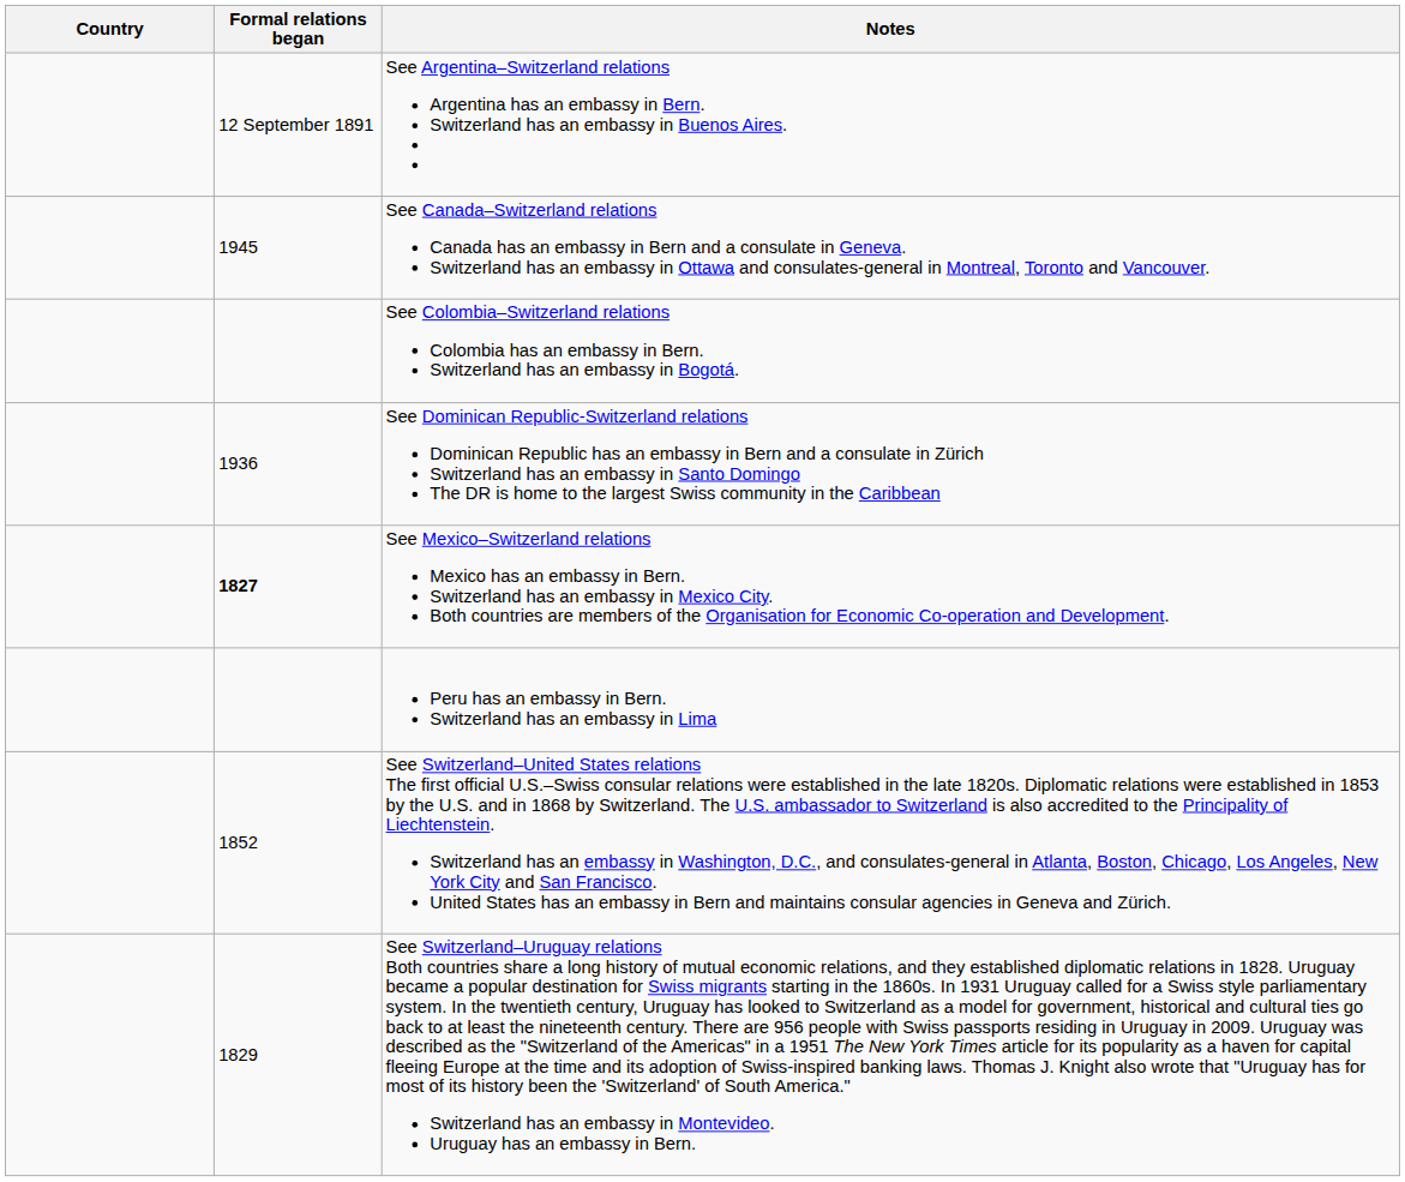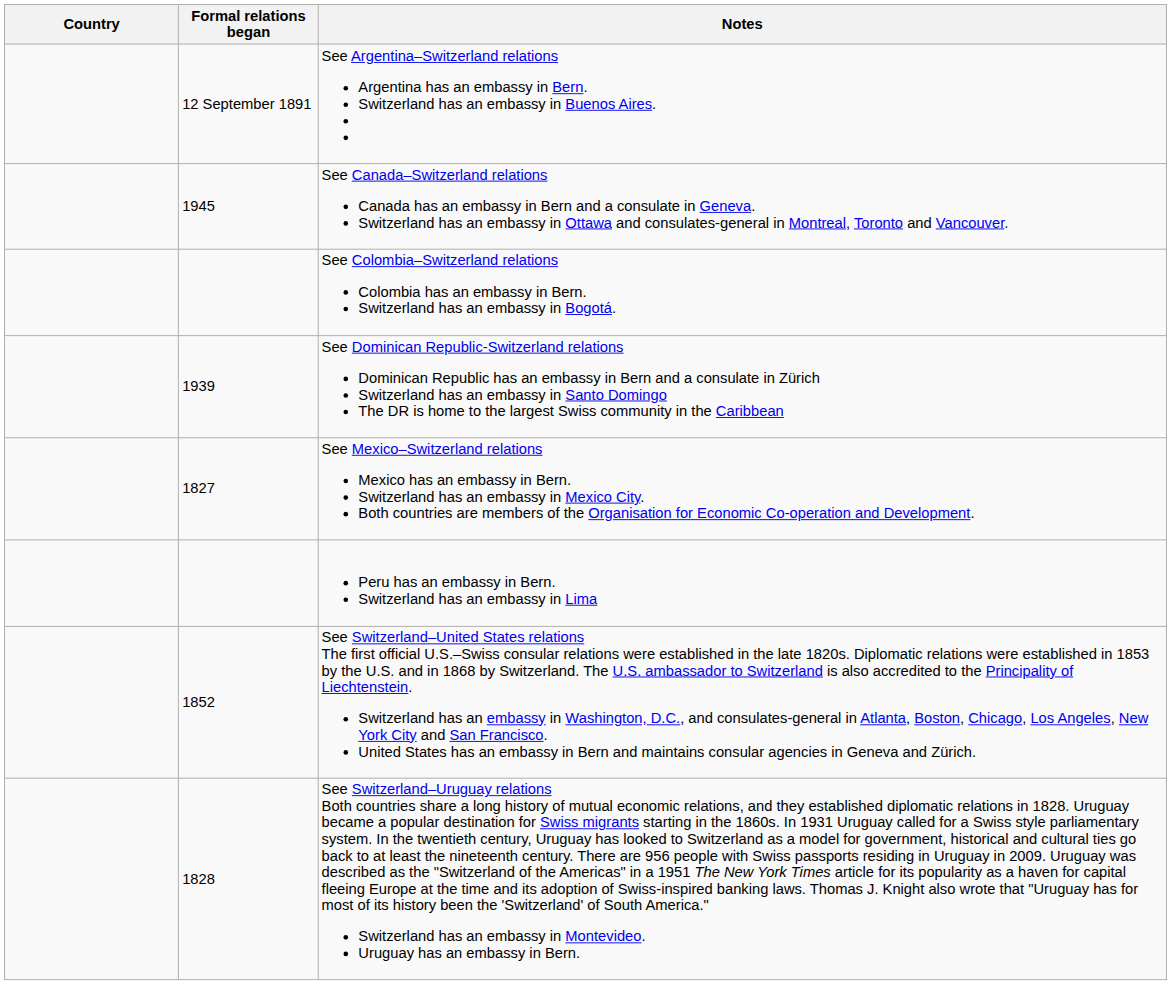 <table class="wikitable sortable" border="1" style="width:100%; margin:auto;">
 <tr>
 <th width="15%">Country</th>
 <th width="12%">Formal relations began</th>
 <th>Notes</th>
 </tr>
 <tr -valign="top">
 <td></td>
 <td>12 September 1891</td>
 <td>See <a href='#'>Argentina–Switzerland relations</a><br><ul><li>Argentina has an embassy in <a href='#'>Bern</a>.</li><li>Switzerland has an embassy in <a href='#'>Buenos Aires</a>.</li><li></li><li></li></ul></td>
 </tr>
 <tr -valign="top">
 <td></td>
 <td>1945</td>
 <td>See <a href='#'>Canada–Switzerland relations</a><br><ul><li>Canada has an embassy in Bern and a consulate in <a href='#'>Geneva</a>.</li><li>Switzerland has an embassy in <a href='#'>Ottawa</a> and consulates-general in <a href='#'>Montreal</a>, <a href='#'>Toronto</a> and <a href='#'>Vancouver</a>.</li></ul></td>
 </tr>
 <tr -valign="top">
 <td></td>
 <td></td>
 <td>See <a href='#'>Colombia–Switzerland relations</a><br><ul><li>Colombia has an embassy in Bern.</li><li>Switzerland has an embassy in <a href='#'>Bogotá</a>.</li></ul></td>
 </tr>
 <tr -valign="top">
 <td></td>
-<td>1936</td>
+<td>1939</td>
 <td>See <a href='#'>Dominican Republic-Switzerland relations</a><br><ul><li>Dominican Republic has an embassy in Bern and a consulate in Zürich</li><li>Switzerland has an embassy in <a href='#'>Santo Domingo</a></li><li>The DR is home to the largest Swiss community in the <a href='#'>Caribbean</a></li></ul></td>
 </tr>
 <tr -valign="top">
 <td></td>
-<td><strong>1827</strong></td>
+<td>1827</td>
 <td>See <a href='#'>Mexico–Switzerland relations</a><br><ul><li>Mexico has an embassy in Bern.</li><li>Switzerland has an embassy in <a href='#'>Mexico City</a>.</li><li>Both countries are members of the <a href='#'>Organisation for Economic Co-operation and Development</a>.</li></ul></td>
 </tr>
 <tr -valign="top">
 <td></td>
 <td></td>
 <td><br><ul><li>Peru has an embassy in Bern.</li><li>Switzerland has an embassy in <a href='#'>Lima</a></li></ul></td>
 </tr>
 <tr -valign="top">
 <td></td>
 <td>1852</td>
 <td>See <a href='#'>Switzerland–United States relations</a><br>The first official U.S.–Swiss consular relations were established in the late 1820s. Diplomatic relations were established in 1853 by the U.S. and in 1868 by Switzerland. The <a href='#'>U.S. ambassador to Switzerland</a> is also accredited to the <a href='#'>Principality of Liechtenstein</a>.<ul><li>Switzerland has an <a href='#'>embassy</a> in <a href='#'>Washington, D.C.</a>, and consulates-general in <a href='#'>Atlanta</a>, <a href='#'>Boston</a>, <a href='#'>Chicago</a>, <a href='#'>Los Angeles</a>, <a href='#'>New York City</a> and <a href='#'>San Francisco</a>.</li><li>United States has an embassy in Bern and maintains consular agencies in Geneva and Zürich.</li></ul></td>
 </tr>
 <tr -valign="top">
 <td></td>
-<td>1829</td>
+<td>1828</td>
 <td>See <a href='#'>Switzerland–Uruguay relations</a><br>Both countries share a long history of mutual economic relations, and they established diplomatic relations in 1828. Uruguay became a popular destination for <a href='#'>Swiss migrants</a> starting in the 1860s. In 1931 Uruguay called for a Swiss style parliamentary system. In the twentieth century, Uruguay has looked to Switzerland as a model for government, historical and cultural ties go back to at least the nineteenth century. There are 956 people with Swiss passports residing in Uruguay in 2009. Uruguay was described as the "Switzerland of the Americas" in a 1951 <em>The New York Times</em> article for its popularity as a haven for capital fleeing Europe at the time and its adoption of Swiss-inspired banking laws.  Thomas J. Knight also wrote that "Uruguay has for most of its history been the 'Switzerland' of South America."<ul><li>Switzerland has an embassy in <a href='#'>Montevideo</a>.</li><li>Uruguay has an embassy in Bern.</li></ul></td>
 </tr>
 </table>
